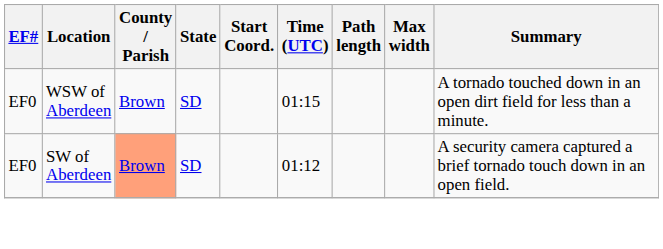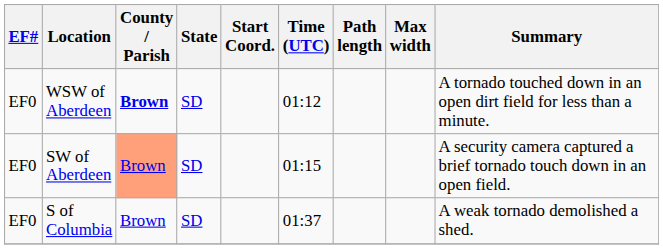 <table class="wikitable sortable" style="width:100%;">
 <tr>
 <th scope="col"  style="width:3%; text-align:center;"><a href='#'>EF#</a></th>
 <th scope="col"  style="width:7%; text-align:center;" class="unsortable">Location</th>
 <th scope="col"  style="width:6%; text-align:center;" class="unsortable">County / Parish</th>
 <th scope="col"  style="width:5%; text-align:center;">State</th>
 <th scope="col"  style="width:6%; text-align:center;">Start Coord.</th>
 <th scope="col"  style="width:6%; text-align:center;">Time (<a href='#'>UTC</a>)</th>
 <th scope="col"  style="width:6%; text-align:center;">Path length</th>
 <th scope="col"  style="width:6%; text-align:center;">Max width</th>
 <th scope="col" class="unsortable" style="width:48%; text-align:center;">Summary</th>
 </tr>
 <tr>
 <td>EF0</td>
 <td>WSW of <a href='#'>Aberdeen</a></td>
-<td><a href='#'>Brown</a></td>
+<td><strong><a href='#'>Brown</a></strong></td>
 <td><a href='#'>SD</a></td>
 <td></td>
-<td>01:15</td>
+<td>01:12</td>
 <td></td>
 <td></td>
 <td>A tornado touched down in an open dirt field for less than a minute.</td>
 </tr>
 <tr>
 <td>EF0</td>
 <td>SW of <a href='#'>Aberdeen</a></td>
 <td style="background: lightsalmon;"><a href='#'>Brown</a></td>
 <td><a href='#'>SD</a></td>
 <td></td>
-<td>01:12</td>
+<td>01:15</td>
 <td></td>
 <td></td>
 <td>A security camera captured a brief tornado touch down in an open field.</td>
 </tr>
 <tr>
+<td>EF0</td>
+<td>S of <a href='#'>Columbia</a></td>
+<td><a href='#'>Brown</a></td>
+<td><a href='#'>SD</a></td>
+<td></td>
+<td>01:37</td>
+<td></td>
+<td></td>
+<td>A weak tornado demolished a shed.</td>
+</tr>
+<tr>
 </tr>
 </table>
